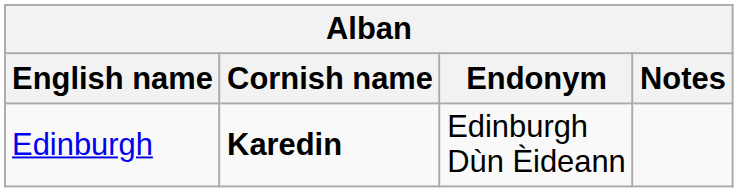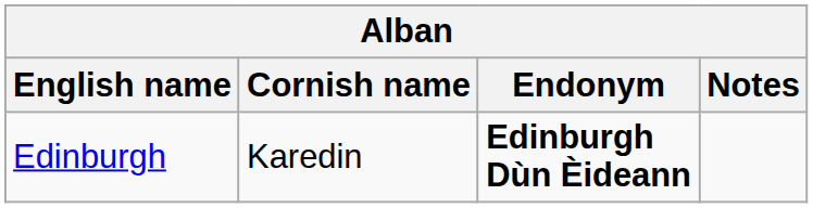 <table class="wikitable sortable">
 <tr>
 <th colspan="24"> Alban</th>
 </tr>
 <tr>
 <th>English name</th>
 <th>Cornish name</th>
 <th>Endonym</th>
 <th>Notes</th>
 </tr>
 <tr>
 <td><a href='#'>Edinburgh</a></td>
-<td><strong>Karedin</strong></td>
-<td>Edinburgh<br>Dùn Èideann</td>
+<td>Karedin</td>
+<td><strong>Edinburgh<br>Dùn Èideann</strong></td>
 <td></td>
 </tr>
 </table>
